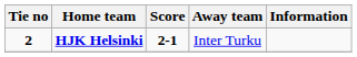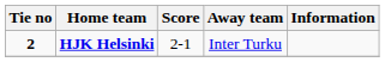 <table class="wikitable" style="text-align:center">
 <tr>
 <th style= width="40px">Tie no</th>
 <th style= width="150px">Home team</th>
 <th style= width="60px">Score</th>
 <th style= width="150px">Away team</th>
 <th style= width="30px">Information</th>
 </tr>
 <tr>
 <td><strong>2</strong></td>
 <td><strong><a href='#'>HJK Helsinki</a></strong></td>
-<td><strong>2-1</strong></td>
+<td>2-1</td>
 <td><a href='#'>Inter Turku</a></td>
 <td></td>
 </tr>
 <tr>
 </tr>
 </table>
